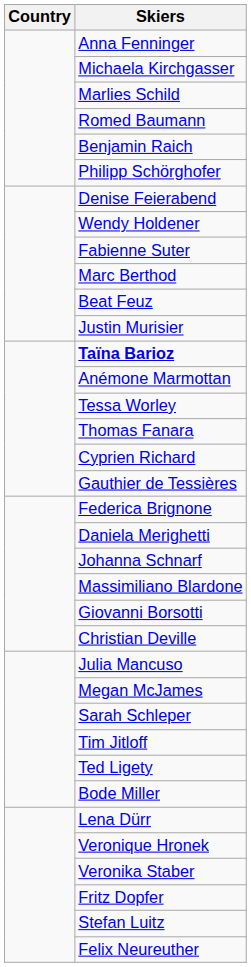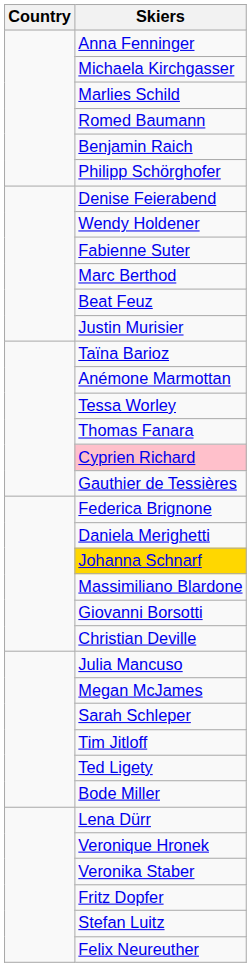 <table class="wikitable">
 <tr>
 <th>Country</th>
 <th>Skiers</th>
 </tr>
 <tr>
 <td rowspan=6></td>
 <td><a href='#'>Anna Fenninger</a></td>
 </tr>
 <tr>
 <td><a href='#'>Michaela Kirchgasser</a></td>
 </tr>
 <tr>
 <td><a href='#'>Marlies Schild</a></td>
 </tr>
 <tr>
 <td><a href='#'>Romed Baumann</a></td>
 </tr>
 <tr>
 <td><a href='#'>Benjamin Raich</a></td>
 </tr>
 <tr>
 <td><a href='#'>Philipp Schörghofer</a></td>
 </tr>
 <tr>
 <td rowspan=6></td>
 <td><a href='#'>Denise Feierabend</a></td>
 </tr>
 <tr>
 <td><a href='#'>Wendy Holdener</a></td>
 </tr>
 <tr>
 <td><a href='#'>Fabienne Suter</a></td>
 </tr>
 <tr>
 <td><a href='#'>Marc Berthod</a></td>
 </tr>
 <tr>
 <td><a href='#'>Beat Feuz</a></td>
 </tr>
 <tr>
 <td><a href='#'>Justin Murisier</a></td>
 </tr>
 <tr>
 <td rowspan=6></td>
-<td><strong><a href='#'>Taïna Barioz</a></strong></td>
+<td><a href='#'>Taïna Barioz</a></td>
 </tr>
 <tr>
 <td><a href='#'>Anémone Marmottan</a></td>
 </tr>
 <tr>
 <td><a href='#'>Tessa Worley</a></td>
 </tr>
 <tr>
 <td><a href='#'>Thomas Fanara</a></td>
 </tr>
 <tr>
-<td><a href='#'>Cyprien Richard</a></td>
+<td style="background: pink;"><a href='#'>Cyprien Richard</a></td>
 </tr>
 <tr>
 <td><a href='#'>Gauthier de Tessières</a></td>
 </tr>
 <tr>
 <td rowspan=6></td>
 <td><a href='#'>Federica Brignone</a></td>
 </tr>
 <tr>
 <td><a href='#'>Daniela Merighetti</a></td>
 </tr>
 <tr>
-<td><a href='#'>Johanna Schnarf</a></td>
+<td style="background: gold;"><a href='#'>Johanna Schnarf</a></td>
 </tr>
 <tr>
 <td><a href='#'>Massimiliano Blardone</a></td>
 </tr>
 <tr>
 <td><a href='#'>Giovanni Borsotti</a></td>
 </tr>
 <tr>
 <td><a href='#'>Christian Deville</a></td>
 </tr>
 <tr>
 <td rowspan=6></td>
 <td><a href='#'>Julia Mancuso</a></td>
 </tr>
 <tr>
 <td><a href='#'>Megan McJames</a></td>
 </tr>
 <tr>
 <td><a href='#'>Sarah Schleper</a></td>
 </tr>
 <tr>
 <td><a href='#'>Tim Jitloff</a></td>
 </tr>
 <tr>
 <td><a href='#'>Ted Ligety</a></td>
 </tr>
 <tr>
 <td><a href='#'>Bode Miller</a></td>
 </tr>
 <tr>
 <td rowspan=6></td>
 <td><a href='#'>Lena Dürr</a></td>
 </tr>
 <tr>
 <td><a href='#'>Veronique Hronek</a></td>
 </tr>
 <tr>
 <td><a href='#'>Veronika Staber</a></td>
 </tr>
 <tr>
 <td><a href='#'>Fritz Dopfer</a></td>
 </tr>
 <tr>
 <td><a href='#'>Stefan Luitz</a></td>
 </tr>
 <tr>
 <td><a href='#'>Felix Neureuther</a></td>
 </tr>
 </table>
